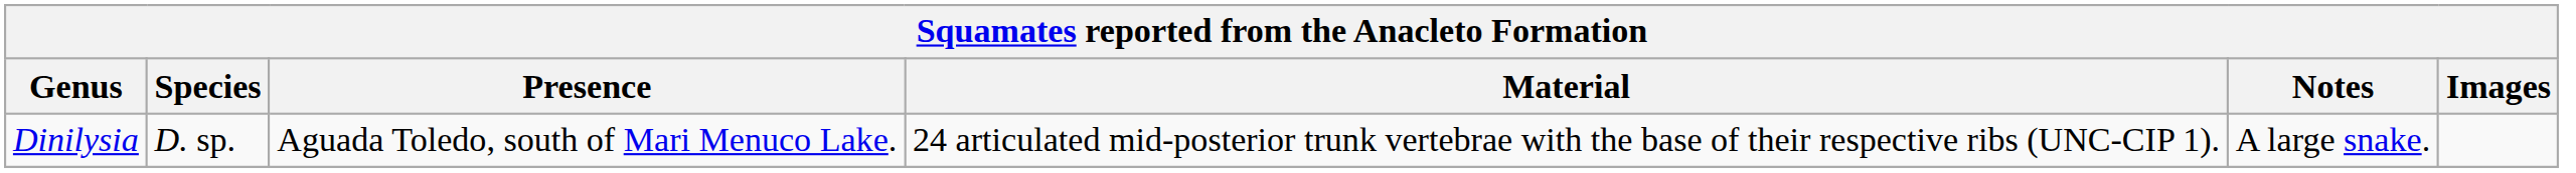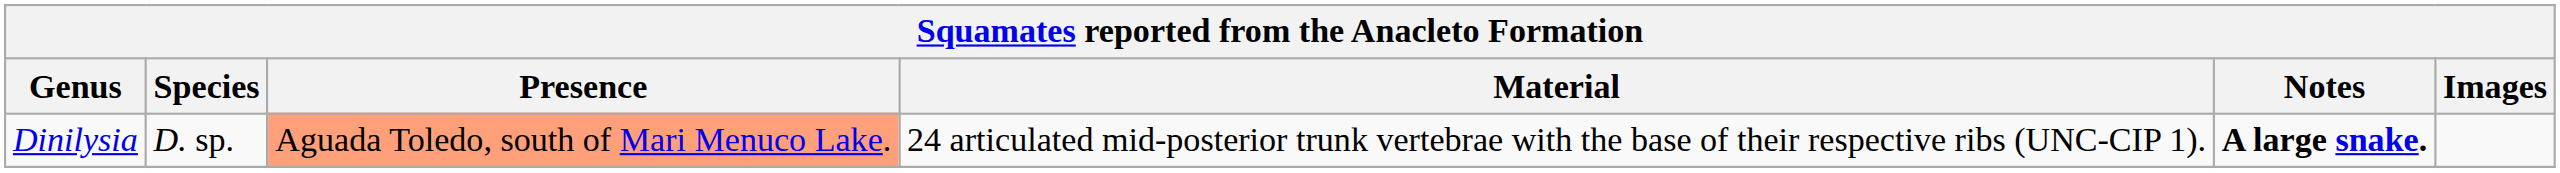 <table class="wikitable" align="center">
 <tr>
 <th colspan="6" align="center"><strong><a href='#'>Squamates</a> reported from the Anacleto Formation</strong></th>
 </tr>
 <tr>
 <th>Genus</th>
 <th>Species</th>
 <th>Presence</th>
 <th><strong>Material</strong></th>
 <th>Notes</th>
 <th>Images</th>
 </tr>
 <tr>
 <td><em><a href='#'>Dinilysia</a></em></td>
 <td><em>D.</em> sp.</td>
-<td>Aguada Toledo, south of <a href='#'>Mari Menuco Lake</a>.</td>
+<td style="background: lightsalmon;">Aguada Toledo, south of <a href='#'>Mari Menuco Lake</a>.</td>
 <td>24 articulated mid-posterior trunk vertebrae with the base of their respective ribs (UNC-CIP 1).</td>
-<td>A large <a href='#'>snake</a>.</td>
+<td><strong>A large <a href='#'>snake</a>.</strong></td>
 <td></td>
 </tr>
 <tr>
 </tr>
 </table>
